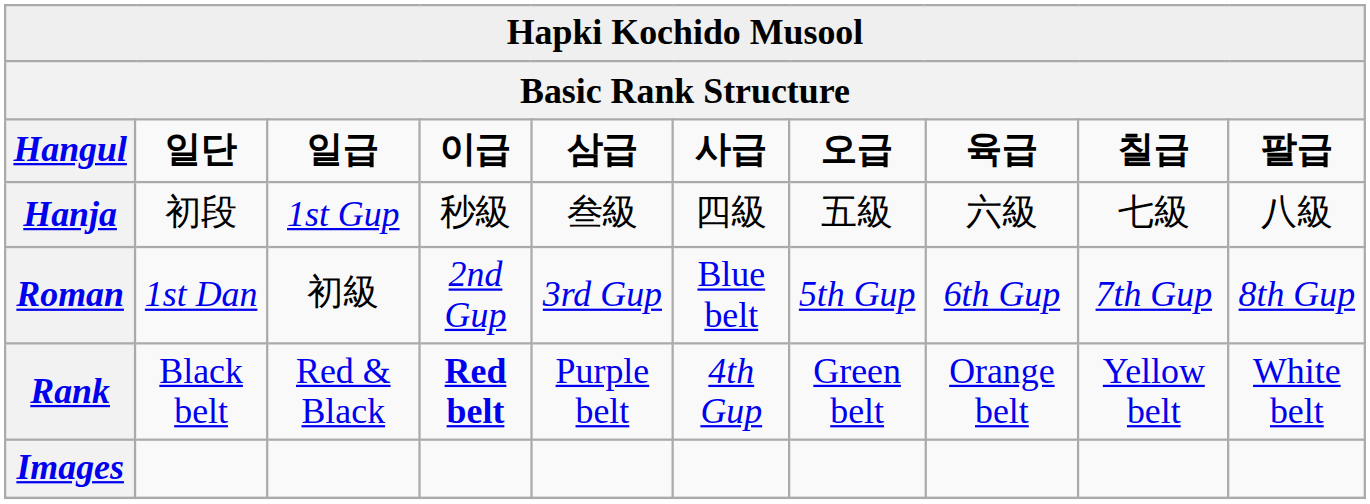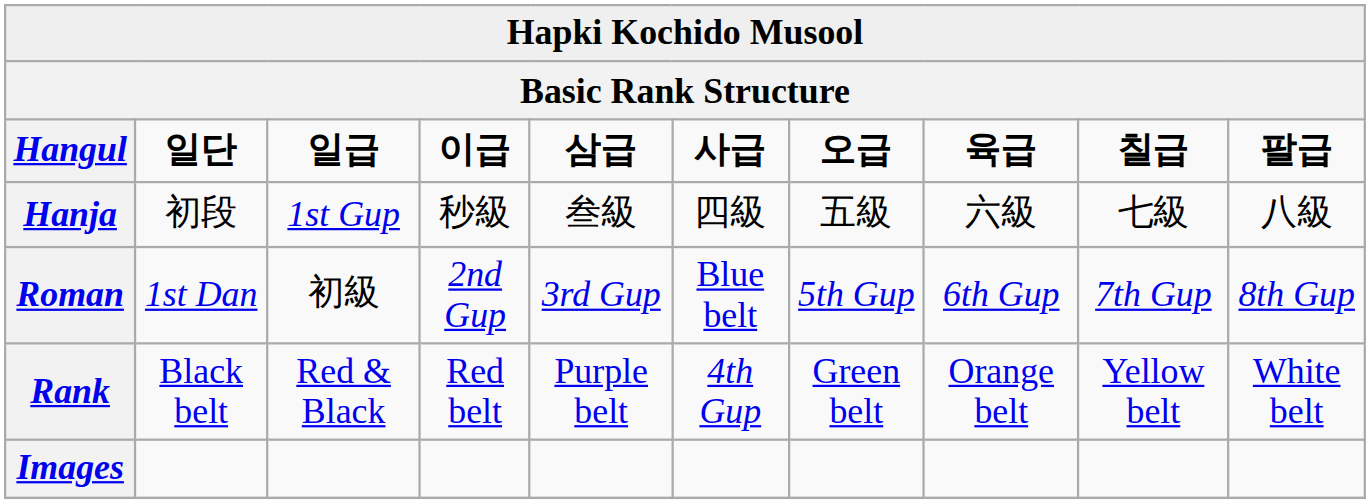 <table align=center class="wikitable">
 <tr>
 <th style="background:#efefef" colspan="12" align="center">Hapki Kochido Musool</th>
 </tr>
 <tr>
 <th colspan=12 align="center">Basic Rank Structure</th>
 </tr>
 <tr>
 <th align="center"><strong><em><a href='#'>Hangul</a></em></strong></th>
 <td align="center"><strong>일단</strong></td>
 <td align="center"><strong>일급</strong></td>
 <td align="center"><strong>이급</strong></td>
 <td align="center"><strong>삼급</strong></td>
 <td align="center"><strong>사급</strong></td>
 <td align="center"><strong>오급</strong></td>
 <td align="center"><strong>육급</strong></td>
 <td align="center"><strong>칠급</strong></td>
 <td align="center"><strong>팔급</strong></td>
 </tr>
 <tr>
 <th align="center"><strong><em><a href='#'>Hanja</a></em></strong></th>
 <td align="center">初段</td>
 <td align="center"><em><a href='#'>1st Gup</a></em></td>
 <td align="center">秒級</td>
 <td align="center">叁級</td>
 <td align="center">四級</td>
 <td align="center">五級</td>
 <td align="center">六級</td>
 <td align="center">七級</td>
 <td align="center">八級</td>
 </tr>
 <tr>
 <th align="center"><strong><em><a href='#'>Roman</a></em></strong></th>
 <td align="center"><em><a href='#'>1st Dan</a></em></td>
 <td align="center">初級</td>
 <td align="center"><em><a href='#'>2nd Gup</a></em></td>
 <td align="center"><em><a href='#'>3rd Gup</a></em></td>
 <td align="center"><a href='#'>Blue belt</a></td>
 <td align="center"><em><a href='#'>5th Gup</a></em></td>
 <td align="center"><em><a href='#'>6th Gup</a></em></td>
 <td align="center"><em><a href='#'>7th Gup</a></em></td>
 <td align="center"><em><a href='#'>8th Gup</a></em></td>
 </tr>
 <tr>
 <th align="center"><strong><em><a href='#'>Rank</a></em></strong></th>
 <td align="center"><a href='#'>Black belt</a></td>
 <td align="center"><a href='#'>Red & Black</a></td>
-<td align="center"><strong><a href='#'>Red belt</a></strong></td>
+<td align="center"><a href='#'>Red belt</a></td>
 <td align="center"><a href='#'>Purple belt</a></td>
 <td align="center"><em><a href='#'>4th Gup</a></em></td>
 <td align="center"><a href='#'>Green belt</a></td>
 <td align="center"><a href='#'>Orange belt</a></td>
 <td align="center"><a href='#'>Yellow belt</a></td>
 <td align="center"><a href='#'>White belt</a></td>
 </tr>
 <tr>
 <th align="center"><strong><em><a href='#'>Images</a></em></strong></th>
 <td align="center"></td>
 <td align="center"></td>
 <td align="center"></td>
 <td align="center"></td>
 <td align="center"></td>
 <td align="center"></td>
 <td align="center"></td>
 <td align="center"></td>
 <td align="center"></td>
 </tr>
 <tr>
 </tr>
 </table>
